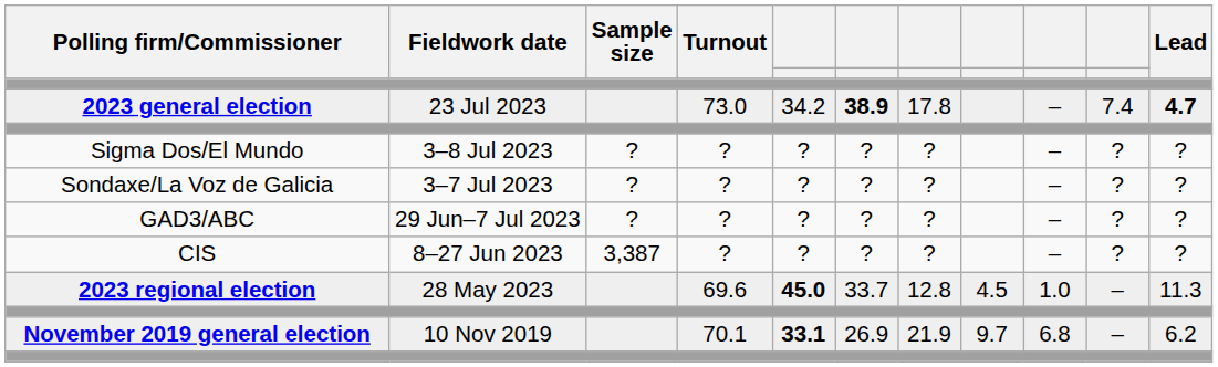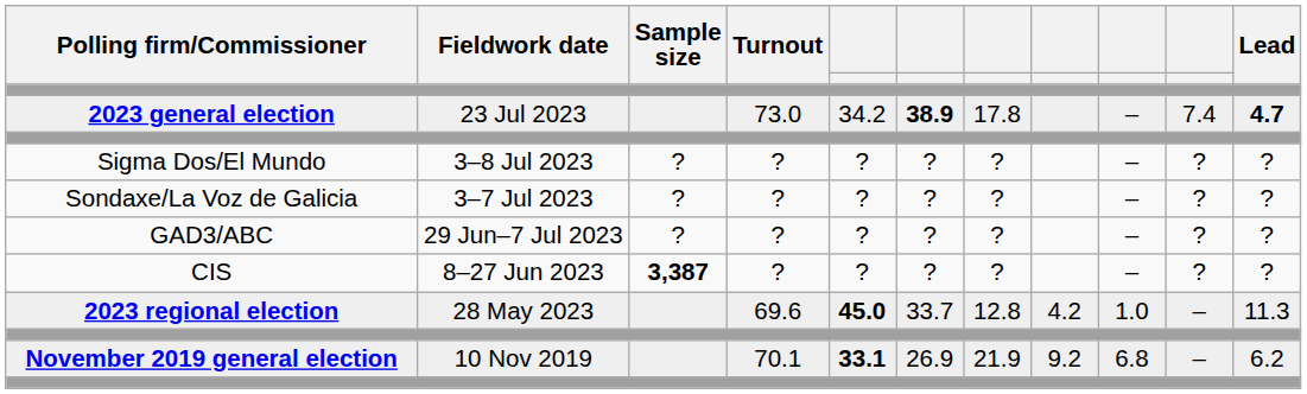 <table class="wikitable collapsible collapsed" style="text-align:center; font-size:95%; line-height:16px;">
 <tr style="height:42px;">
 <th style="width:250px;" rowspan="2">Polling firm/Commissioner</th>
 <th style="width:125px;" rowspan="2">Fieldwork date</th>
 <th style="width:50px;" rowspan="2">Sample size</th>
 <th style="width:45px;" rowspan="2">Turnout</th>
 <th style="width:35px;"></th>
 <th style="width:35px;"></th>
 <th style="width:35px;"></th>
 <th style="width:35px;"></th>
 <th style="width:35px;"></th>
 <th style="width:35px;"></th>
 <th style="width:30px;" rowspan="2">Lead</th>
 </tr>
 <tr>
 <th style="color:inherit;background:"></th>
 <th style="color:inherit;background:"></th>
 <th style="color:inherit;background:"></th>
 <th style="color:inherit;background:"></th>
 <th style="color:inherit;background:"></th>
 <th style="color:inherit;background:"></th>
 </tr>
 <tr>
 <td colspan="13" style="background:#A0A0A0"></td>
 </tr>
 <tr style="background:#EFEFEF;">
 <td><strong><a href='#'>2023 general election</a></strong></td>
 <td>23 Jul 2023</td>
 <td></td>
 <td>73.0</td>
 <td>34.2<br></td>
 <td><strong>38.9</strong><br></td>
 <td>17.8<br></td>
 <td></td>
 <td>–</td>
 <td>7.4<br></td>
 <td style="background:"><strong>4.7</strong></td>
 </tr>
 <tr>
 <td colspan="13" style="background:#A0A0A0"></td>
 </tr>
 <tr>
 <td>Sigma Dos/El Mundo</td>
 <td>3–8 Jul 2023</td>
 <td>?</td>
 <td>?</td>
 <td>?<br></td>
 <td>?<br></td>
 <td>?<br></td>
 <td></td>
 <td>–</td>
 <td>?<br></td>
 <td style="background:">?</td>
 </tr>
 <tr>
 <td>Sondaxe/La Voz de Galicia</td>
 <td>3–7 Jul 2023</td>
 <td>?</td>
 <td>?</td>
 <td>?<br></td>
 <td>?<br></td>
 <td>?<br></td>
 <td></td>
 <td>–</td>
 <td>?<br></td>
 <td style="background:">?</td>
 </tr>
 <tr>
 <td>GAD3/ABC</td>
 <td>29 Jun–7 Jul 2023</td>
 <td>?</td>
 <td>?</td>
 <td>?<br></td>
 <td>?<br></td>
 <td>?<br></td>
 <td></td>
 <td>–</td>
 <td>?<br></td>
 <td style="background:">?</td>
 </tr>
 <tr>
 <td>CIS</td>
 <td>8–27 Jun 2023</td>
-<td>3,387</td>
+<td><strong>3,387</strong></td>
 <td>?</td>
 <td>?<br></td>
 <td>?<br></td>
 <td>?<br></td>
 <td></td>
 <td>–</td>
 <td>?<br></td>
 <td style="background:">?</td>
 </tr>
 <tr style="background:#EFEFEF;">
 <td><strong><a href='#'>2023 regional election</a></strong></td>
 <td>28 May 2023</td>
 <td></td>
 <td>69.6</td>
 <td><strong>45.0</strong><br></td>
 <td>33.7<br></td>
 <td>12.8<br></td>
-<td>4.5<br></td>
+<td>4.2<br></td>
 <td>1.0<br></td>
 <td>–</td>
 <td style="background:">11.3</td>
 </tr>
 <tr>
 <td colspan="11" style="background:#A0A0A0"></td>
 </tr>
 <tr style="background:#EFEFEF;">
 <td><strong><a href='#'>November 2019 general election</a></strong></td>
 <td>10 Nov 2019</td>
 <td></td>
 <td>70.1</td>
 <td><strong>33.1</strong><br></td>
 <td>26.9<br></td>
 <td>21.9<br></td>
-<td>9.7<br></td>
+<td>9.2<br></td>
 <td>6.8<br></td>
 <td>–</td>
 <td style="background:">6.2</td>
 </tr>
 <tr>
 <td colspan="11" style="background:#A0A0A0"></td>
 </tr>
 </table>
